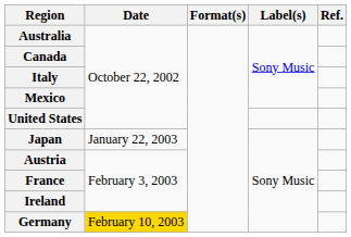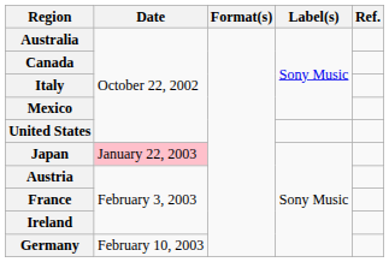 <table class="wikitable sortable plainrowheaders">
 <tr>
 <th scope="col">Region</th>
 <th scope="col">Date</th>
 <th scope="col">Format(s)</th>
 <th scope="col">Label(s)</th>
 <th scope="col">Ref.</th>
 </tr>
 <tr>
 <th scope="row">Australia</th>
 <td rowspan="5">October 22, 2002</td>
 <td rowspan="10"></td>
 <td rowspan="4"><a href='#'>Sony Music</a></td>
 <td align="center"></td>
 </tr>
 <tr>
 <th scope="row">Canada</th>
 <td align="center"></td>
 </tr>
 <tr>
 <th scope="row">Italy</th>
 <td align="center"></td>
 </tr>
 <tr>
 <th scope="row">Mexico</th>
 <td align="center"></td>
 </tr>
 <tr>
 <th scope="row">United States</th>
 <td></td>
 <td align="center"></td>
 </tr>
 <tr>
 <th scope="row">Japan</th>
-<td>January 22, 2003</td>
+<td style="background: pink;">January 22, 2003</td>
 <td rowspan="5">Sony Music</td>
 <td align="center"></td>
 </tr>
 <tr>
 <th scope="row">Austria</th>
 <td rowspan="3">February 3, 2003</td>
 <td align="center"></td>
 </tr>
 <tr>
 <th scope="row">France</th>
 <td align="center"></td>
 </tr>
 <tr>
 <th scope="row">Ireland</th>
 <td align="center"></td>
 </tr>
 <tr>
 <th scope="row">Germany</th>
-<td style="background: gold;">February 10, 2003</td>
+<td>February 10, 2003</td>
 <td align="center"></td>
 </tr>
 </table>
